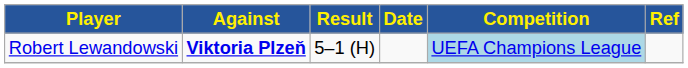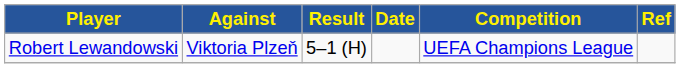 <table class="wikitable">
 <tr>
 <th style="background:#26559B; color:#FFF000; ">Player</th>
 <th style="background:#26559B; color:#FFF000; ">Against</th>
 <th style="background:#26559B; color:#FFF000; text-align:center; ">Result</th>
 <th style="background:#26559B; color:#FFF000; ">Date</th>
 <th style="background:#26559B; color:#FFF000; text-align:center; ">Competition</th>
 <th style="background:#26559B; color:#FFF000; ">Ref</th>
 </tr>
 <tr>
 <td> <a href='#'>Robert Lewandowski</a></td>
-<td><strong> <a href='#'>Viktoria Plzeň</a></strong></td>
+<td> <a href='#'>Viktoria Plzeň</a></td>
 <td>5–1 (H)</td>
 <td></td>
-<td style="background: lightblue;"><a href='#'>UEFA Champions League</a></td>
+<td><a href='#'>UEFA Champions League</a></td>
 <td></td>
 </tr>
 <tr>
 </tr>
 </table>
